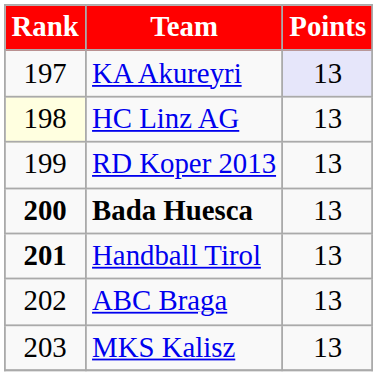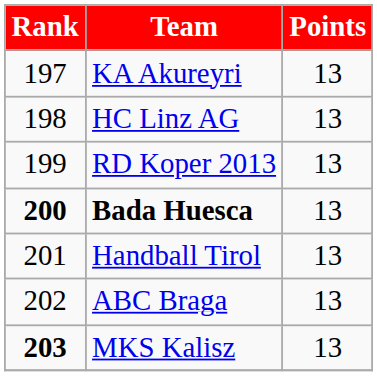 <table class="wikitable" style="text-align: center;">
 <tr>
 <th style="color:#FFFFFF; background:red">Rank</th>
 <th style="color:#FFFFFF; background:red">Team</th>
 <th style="color:#FFFFFF; background:red">Points</th>
 </tr>
 <tr>
 <td>197</td>
 <td align=left> <a href='#'>KA Akureyri</a></td>
-<td style="background: lavender;">13</td>
+<td>13</td>
 </tr>
 <tr>
-<td style="background: lightyellow;">198</td>
+<td>198</td>
 <td align=left> <a href='#'>HC Linz AG</a></td>
 <td>13</td>
 </tr>
 <tr>
 <td>199</td>
 <td align=left> <a href='#'>RD Koper 2013</a></td>
 <td>13</td>
 </tr>
 <tr>
 <td><strong>200</strong></td>
 <td align=left> <strong>Bada Huesca</strong></td>
 <td>13</td>
 </tr>
 <tr>
-<td><strong>201</strong></td>
+<td>201</td>
 <td align=left> <a href='#'>Handball Tirol</a></td>
 <td>13</td>
 </tr>
 <tr>
 <td>202</td>
 <td align=left> <a href='#'>ABC Braga</a></td>
 <td>13</td>
 </tr>
 <tr>
-<td>203</td>
+<td><strong>203</strong></td>
 <td align=left> <a href='#'>MKS Kalisz</a></td>
 <td>13</td>
 </tr>
 <tr>
 </tr>
 </table>
